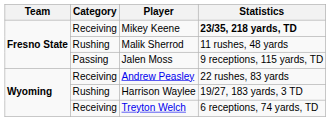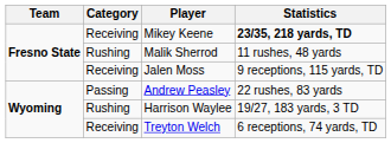 <table class="wikitable" style="float: right;">
 <tr>
 <th>Team</th>
 <th>Category</th>
 <th>Player</th>
 <th>Statistics</th>
 </tr>
 <tr>
 <td rowspan=3><strong>Fresno State</strong></td>
 <td>Receiving</td>
 <td>Mikey Keene</td>
 <td><strong>23/35, 218 yards, TD</strong></td>
 </tr>
 <tr>
 <td>Rushing</td>
 <td>Malik Sherrod</td>
 <td>11 rushes, 48 yards</td>
 </tr>
 <tr>
-<td>Passing</td>
+<td>Receiving</td>
 <td>Jalen Moss</td>
 <td>9 receptions, 115 yards, TD</td>
 </tr>
 <tr>
 <td rowspan=3><strong>Wyoming</strong></td>
-<td>Receiving</td>
+<td>Passing</td>
 <td><a href='#'>Andrew Peasley</a></td>
 <td>22 rushes, 83 yards</td>
 </tr>
 <tr>
 <td>Rushing</td>
 <td>Harrison Waylee</td>
 <td>19/27, 183 yards, 3 TD</td>
 </tr>
 <tr>
 <td>Receiving</td>
 <td><a href='#'>Treyton Welch</a></td>
 <td>6 receptions, 74 yards, TD</td>
 </tr>
 </table>
